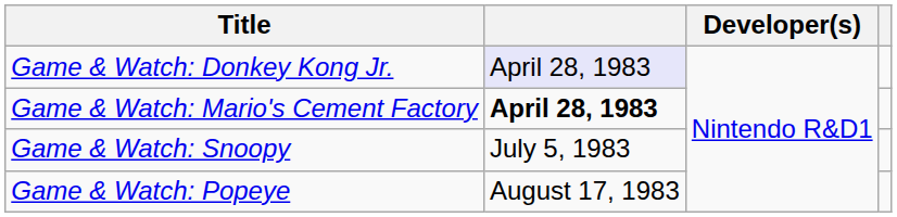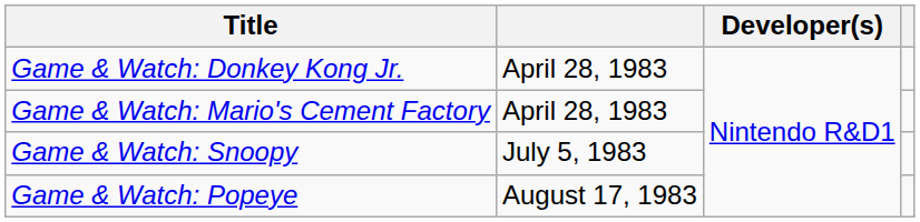 <table class="wikitable plainrowheaders sortable">
 <tr>
 <th scope="col">Title</th>
 <th scope="col" data-sort-type="date"></th>
 <th scope="col">Developer(s)</th>
 <th scope="col" class="unsortable"></th>
 </tr>
 <tr>
 <td><em><a href='#'>Game & Watch: Donkey Kong Jr.</a></em></td>
-<td style="background: lavender;">April 28, 1983</td>
+<td>April 28, 1983</td>
 <td rowspan="4"><a href='#'>Nintendo R&D1</a></td>
 <td></td>
 </tr>
 <tr>
 <td><em><a href='#'>Game & Watch: Mario's Cement Factory</a></em></td>
-<td><strong>April 28, 1983</strong></td>
+<td>April 28, 1983</td>
 <td></td>
 </tr>
 <tr>
 <td><em><a href='#'>Game & Watch: Snoopy</a></em></td>
 <td>July 5, 1983</td>
 <td></td>
 </tr>
 <tr>
 <td><em><a href='#'>Game & Watch: Popeye</a></em></td>
 <td>August 17, 1983</td>
 <td></td>
 </tr>
 </table>
